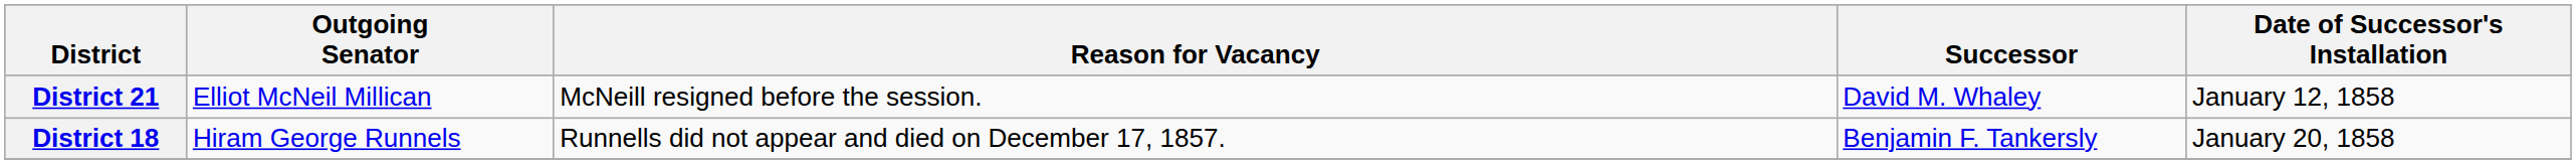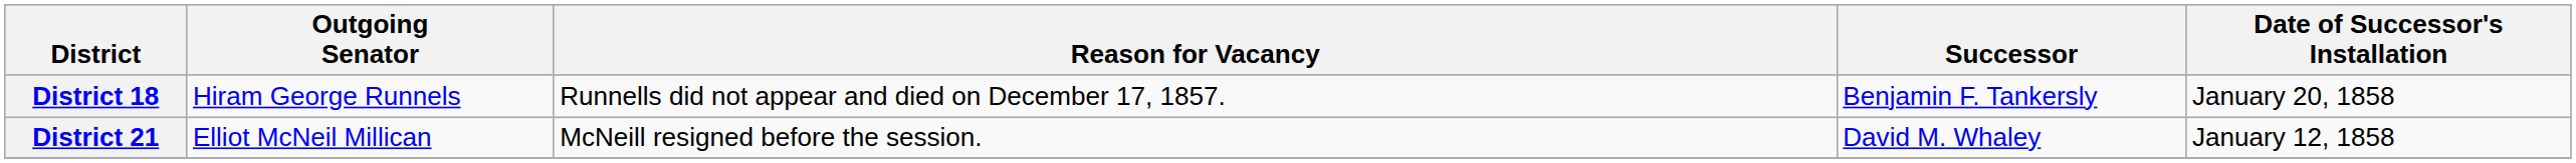 <table class="wikitable">
 <tr bgcolor="#cccccc" align="center" valign="bottom">
 <th>District</th>
 <th>Outgoing<br>Senator</th>
 <th width="50%">Reason for Vacancy</th>
 <th>Successor</th>
 <th width="15%">Date of Successor's Installation</th>
 </tr>
 <tr>
+<th><a href='#'>District 18</a></th>
+<td><a href='#'>Hiram George Runnels</a></td>
+<td>Runnells did not appear and died on December 17, 1857.</td>
+<td><a href='#'>Benjamin F. Tankersly</a></td>
+<td>January 20, 1858</td>
+</tr>
+<tr>
 <th><a href='#'>District 21</a></th>
 <td><a href='#'>Elliot McNeil Millican</a></td>
 <td>McNeill resigned before the session.</td>
 <td><a href='#'>David M. Whaley</a></td>
 <td>January 12, 1858</td>
 </tr>
 <tr>
-<th><a href='#'>District 18</a></th>
-<td><a href='#'>Hiram George Runnels</a></td>
-<td>Runnells did not appear and died on December 17, 1857.</td>
-<td><a href='#'>Benjamin F. Tankersly</a></td>
-<td>January 20, 1858</td>
-</tr>
-<tr>
 </tr>
 </table>
